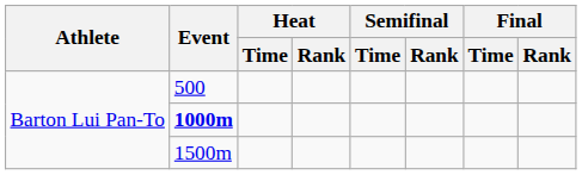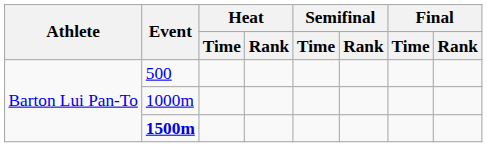 <table class="wikitable">
 <tr>
 <th rowspan="2">Athlete</th>
 <th rowspan="2">Event</th>
 <th colspan="2">Heat</th>
 <th colspan="2">Semifinal</th>
 <th colspan="2">Final</th>
 </tr>
 <tr>
 <th>Time</th>
 <th>Rank</th>
 <th>Time</th>
 <th>Rank</th>
 <th>Time</th>
 <th>Rank</th>
 </tr>
 <tr>
 <td rowspan=3><a href='#'>Barton Lui Pan-To</a></td>
 <td><a href='#'>500</a></td>
 <td align="center"></td>
 <td align="center"></td>
 <td align="center"></td>
 <td align="center"></td>
 <td align="center"></td>
 <td align="center"></td>
 </tr>
 <tr>
-<td><strong><a href='#'>1000m</a></strong></td>
+<td><a href='#'>1000m</a></td>
 <td align="center"></td>
 <td align="center"></td>
 <td align="center"></td>
 <td align="center"></td>
 <td align="center"></td>
 <td align="center"></td>
 </tr>
 <tr>
-<td><a href='#'>1500m</a></td>
+<td><strong><a href='#'>1500m</a></strong></td>
 <td align="center"></td>
 <td align="center"></td>
 <td align="center"></td>
 <td align="center"></td>
 <td align="center"></td>
 <td align="center"></td>
 </tr>
 </table>
